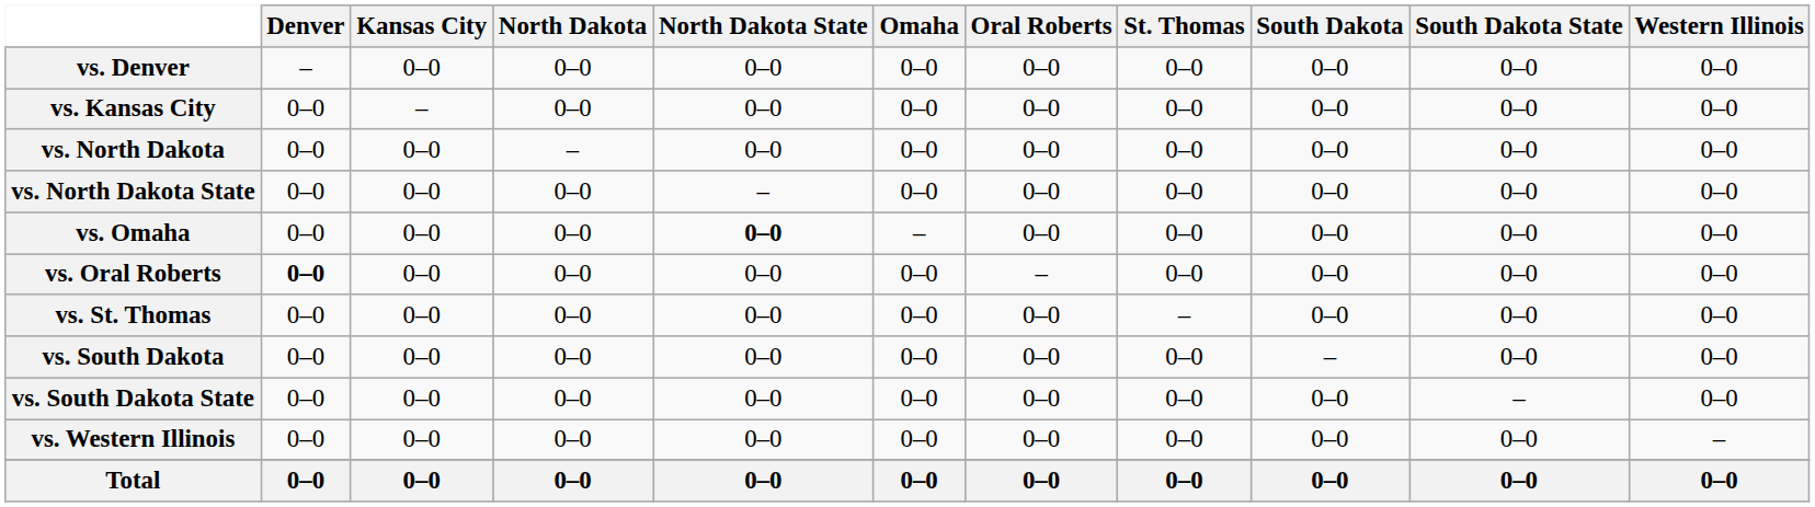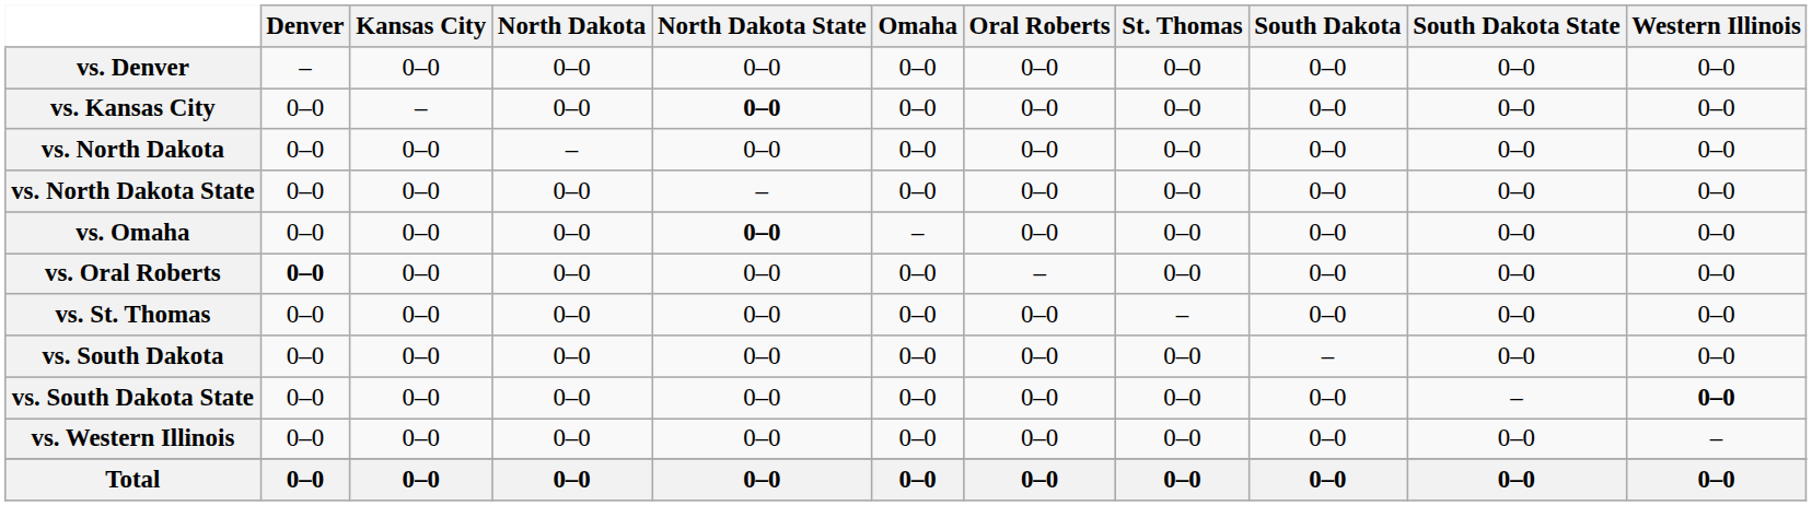 <table class="wikitable" style="white-space:nowrap;font-size:90%;">
 <tr>
 <th colspan=1 style="background:white; border-top-style:hidden; border-left-style:hidden;"   width=110> </th>
 <th style=>Denver</th>
 <th style=>Kansas City</th>
 <th style=>North Dakota</th>
 <th style=>North Dakota State</th>
 <th style=>Omaha</th>
 <th style=>Oral Roberts</th>
 <th style=>St. Thomas</th>
 <th style=>South Dakota</th>
 <th style=>South Dakota State</th>
 <th style=>Western Illinois</th>
 </tr>
 <tr style="text-align:center;">
 <th>vs. Denver</th>
 <td>–</td>
 <td>0–0</td>
 <td>0–0</td>
 <td>0–0</td>
 <td>0–0</td>
 <td>0–0</td>
 <td>0–0</td>
 <td>0–0</td>
 <td>0–0</td>
 <td>0–0</td>
 </tr>
 <tr style="text-align:center;">
 <th>vs. Kansas City</th>
 <td>0–0</td>
 <td>–</td>
 <td>0–0</td>
-<td>0–0</td>
+<td><strong>0–0</strong></td>
 <td>0–0</td>
 <td>0–0</td>
 <td>0–0</td>
 <td>0–0</td>
 <td>0–0</td>
 <td>0–0</td>
 </tr>
 <tr style="text-align:center;">
 <th>vs. North Dakota</th>
 <td>0–0</td>
 <td>0–0</td>
 <td>–</td>
 <td>0–0</td>
 <td>0–0</td>
 <td>0–0</td>
 <td>0–0</td>
 <td>0–0</td>
 <td>0–0</td>
 <td>0–0</td>
 </tr>
 <tr style="text-align:center;">
 <th>vs. North Dakota State</th>
 <td>0–0</td>
 <td>0–0</td>
 <td>0–0</td>
 <td>–</td>
 <td>0–0</td>
 <td>0–0</td>
 <td>0–0</td>
 <td>0–0</td>
 <td>0–0</td>
 <td>0–0</td>
 </tr>
 <tr style="text-align:center;">
 <th>vs. Omaha</th>
 <td>0–0</td>
 <td>0–0</td>
 <td>0–0</td>
 <td><strong>0–0</strong></td>
 <td>–</td>
 <td>0–0</td>
 <td>0–0</td>
 <td>0–0</td>
 <td>0–0</td>
 <td>0–0</td>
 </tr>
 <tr style="text-align:center;">
 <th>vs. Oral Roberts</th>
 <td><strong>0–0</strong></td>
 <td>0–0</td>
 <td>0–0</td>
 <td>0–0</td>
 <td>0–0</td>
 <td>–</td>
 <td>0–0</td>
 <td>0–0</td>
 <td>0–0</td>
 <td>0–0</td>
 </tr>
 <tr style="text-align:center;">
 <th>vs. St. Thomas</th>
 <td>0–0</td>
 <td>0–0</td>
 <td>0–0</td>
 <td>0–0</td>
 <td>0–0</td>
 <td>0–0</td>
 <td>–</td>
 <td>0–0</td>
 <td>0–0</td>
 <td>0–0</td>
 </tr>
 <tr style="text-align:center;">
 <th>vs. South Dakota</th>
 <td>0–0</td>
 <td>0–0</td>
 <td>0–0</td>
 <td>0–0</td>
 <td>0–0</td>
 <td>0–0</td>
 <td>0–0</td>
 <td>–</td>
 <td>0–0</td>
 <td>0–0</td>
 </tr>
 <tr style="text-align:center;">
 <th>vs. South Dakota State</th>
 <td>0–0</td>
 <td>0–0</td>
 <td>0–0</td>
 <td>0–0</td>
 <td>0–0</td>
 <td>0–0</td>
 <td>0–0</td>
 <td>0–0</td>
 <td>–</td>
-<td>0–0</td>
+<td><strong>0–0</strong></td>
 </tr>
 <tr style="text-align:center;">
 <th>vs. Western Illinois</th>
 <td>0–0</td>
 <td>0–0</td>
 <td>0–0</td>
 <td>0–0</td>
 <td>0–0</td>
 <td>0–0</td>
 <td>0–0</td>
 <td>0–0</td>
 <td>0–0</td>
 <td>–</td>
 </tr>
 <tr style="text-align:center;">
 </tr>
 <tr style="text-align:center;">
 <th>Total</th>
 <th>0–0</th>
 <th>0–0</th>
 <th>0–0</th>
 <th>0–0</th>
 <th>0–0</th>
 <th>0–0</th>
 <th>0–0</th>
 <th>0–0</th>
 <th>0–0</th>
 <th>0–0</th>
 </tr>
 </table>
